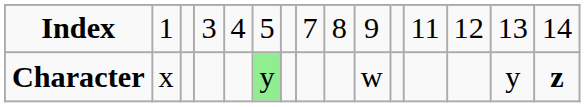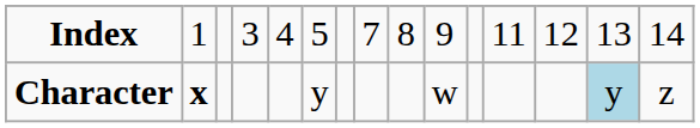 <table class="wikitable" style="text-align: center;">
 <tr>
 <td><strong>Index</strong></td>
 <td>1</td>
 <td></td>
 <td>3</td>
 <td>4</td>
 <td>5</td>
 <td></td>
 <td>7</td>
 <td>8</td>
 <td>9</td>
 <td></td>
 <td>11</td>
 <td>12</td>
 <td>13</td>
 <td>14</td>
 </tr>
 <tr>
 <td><strong>Character</strong></td>
-<td>x</td>
+<td><strong>x</strong></td>
 <td></td>
 <td></td>
 <td></td>
-<td style="background: lightgreen;">y</td>
+<td>y</td>
 <td></td>
 <td></td>
 <td></td>
 <td>w</td>
 <td></td>
 <td></td>
 <td></td>
-<td>y</td>
-<td><strong>z</strong></td>
+<td style="background: lightblue;">y</td>
+<td>z</td>
 </tr>
 </table>
